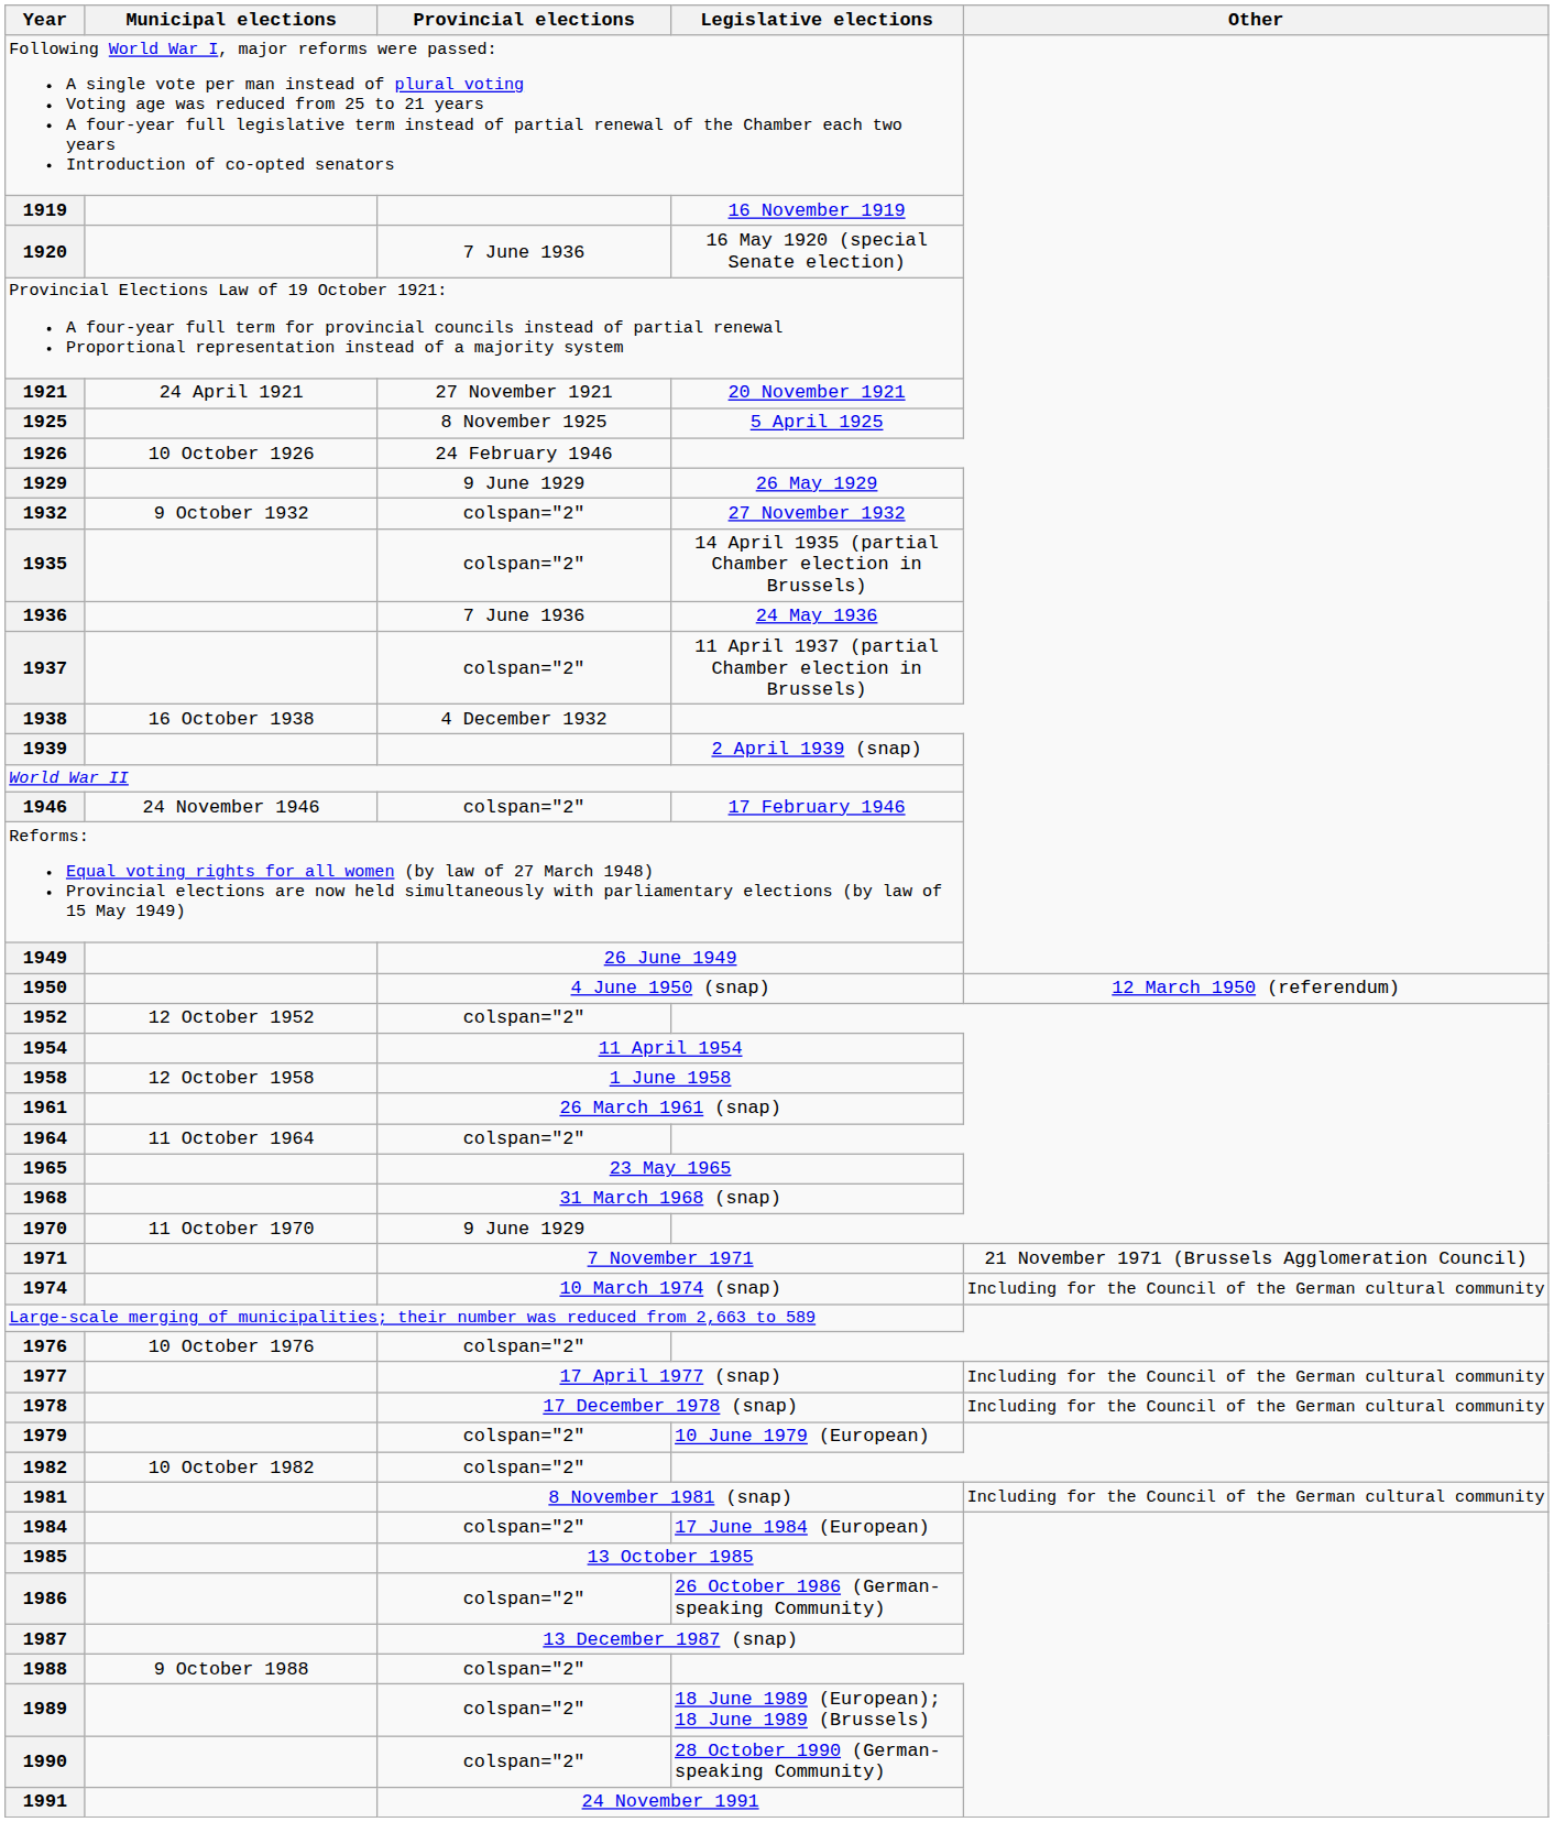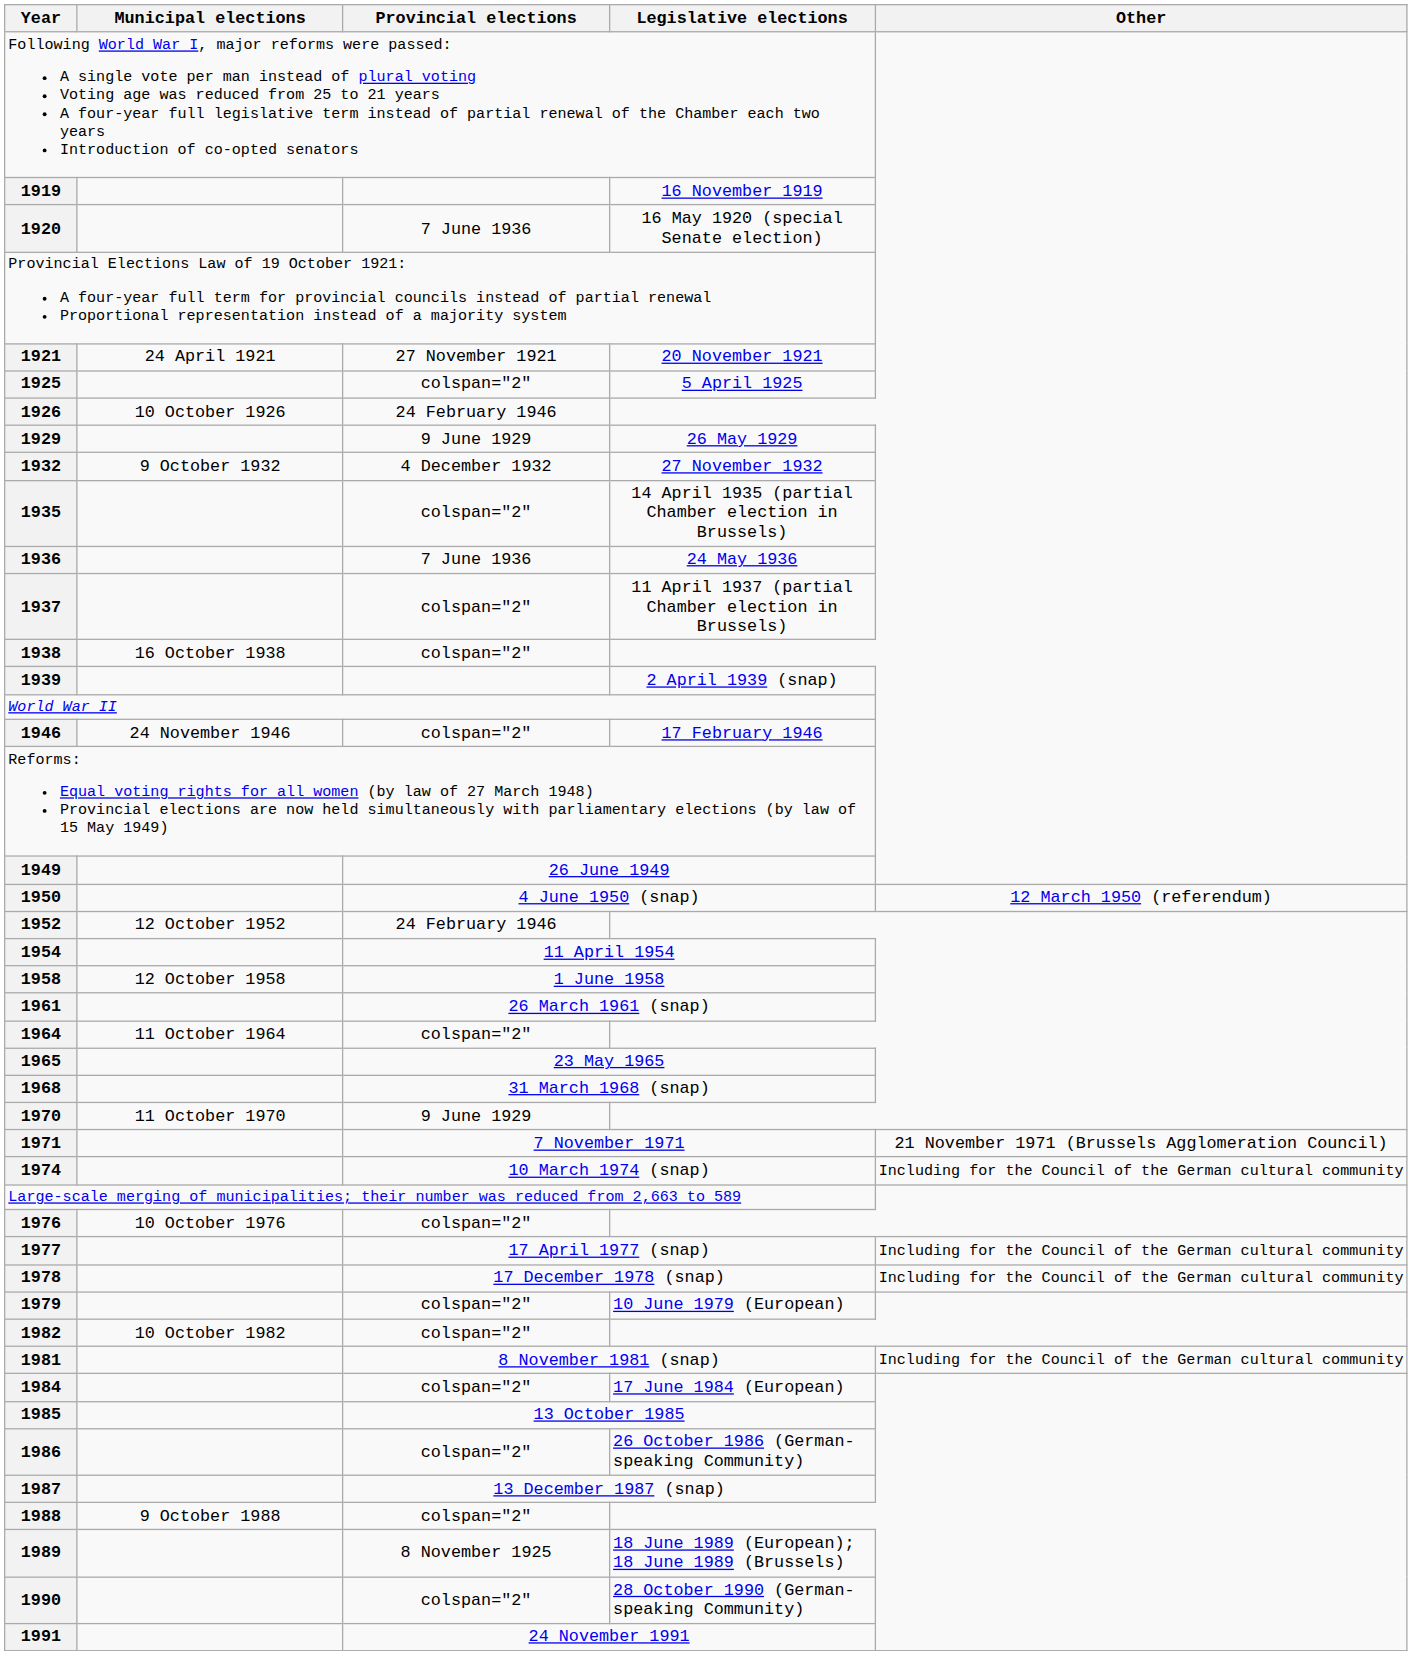 <table class="wikitable" style="text-align:center;">
 <tr>
 <th style="width:50px;">Year</th>
 <th style="width:200px;">Municipal elections</th>
 <th style="width:200px;">Provincial elections</th>
 <th style="width:200px;">Legislative elections</th>
 <th>Other</th>
 </tr>
 <tr>
 <td colspan="4" style="text-align:left;font-size:90%;">Following <a href='#'>World War I</a>, major reforms were passed:<br><ul><li>A single vote per man instead of <a href='#'>plural voting</a></li><li>Voting age was reduced from 25 to 21 years</li><li>A four-year full legislative term instead of partial renewal of the Chamber each two years</li><li>Introduction of co-opted senators</li></ul></td>
 </tr>
 <tr>
 <th>1919</th>
 <td></td>
 <td></td>
 <td><a href='#'>16 November 1919</a></td>
 </tr>
 <tr>
 <th>1920</th>
 <td></td>
 <td>7 June 1936</td>
 <td>16 May 1920 (special Senate election)</td>
 </tr>
 <tr>
 <td colspan="4" style="text-align:left;font-size:90%;">Provincial Elections Law of 19 October 1921:<br><ul><li>A four-year full term for provincial councils instead of partial renewal</li><li>Proportional representation instead of a majority system</li></ul></td>
 </tr>
 <tr>
 <th>1921</th>
 <td>24 April 1921</td>
 <td>27 November 1921</td>
 <td><a href='#'>20 November 1921</a></td>
 </tr>
 <tr>
 <th>1925</th>
 <td></td>
-<td>8 November 1925</td>
+<td>colspan="2" </td>
 <td><a href='#'>5 April 1925</a></td>
 </tr>
 <tr>
 <th>1926</th>
 <td>10 October 1926</td>
 <td>24 February 1946</td>
 </tr>
 <tr>
 <th>1929</th>
 <td></td>
 <td>9 June 1929</td>
 <td><a href='#'>26 May 1929</a></td>
 </tr>
 <tr>
 <th>1932</th>
 <td>9 October 1932</td>
-<td>colspan="2" </td>
+<td>4 December 1932</td>
 <td><a href='#'>27 November 1932</a></td>
 </tr>
 <tr>
 <th>1935</th>
 <td></td>
 <td>colspan="2" </td>
 <td>14 April 1935 (partial Chamber election in Brussels)</td>
 </tr>
 <tr>
 <th>1936</th>
 <td></td>
 <td>7 June 1936</td>
 <td><a href='#'>24 May 1936</a></td>
 </tr>
 <tr>
 <th>1937</th>
 <td></td>
 <td>colspan="2" </td>
 <td>11 April 1937 (partial Chamber election in Brussels)</td>
 </tr>
 <tr>
 <th>1938</th>
 <td>16 October 1938</td>
-<td>4 December 1932</td>
+<td>colspan="2" </td>
 </tr>
 <tr>
 <th>1939</th>
 <td></td>
 <td></td>
 <td><a href='#'>2 April 1939</a> (snap)</td>
 </tr>
 <tr>
 <td colspan="4" style="text-align:left;font-size:90%;"><em><a href='#'>World War II</a></em></td>
 </tr>
 <tr>
 <th>1946</th>
 <td>24 November 1946</td>
 <td>colspan="2" </td>
 <td><a href='#'>17 February 1946</a></td>
 </tr>
 <tr>
 <td colspan="4" style="text-align:left;font-size:90%;">Reforms:<br><ul><li><a href='#'>Equal voting rights for all women</a> (by law of 27 March 1948)</li><li>Provincial elections are now held simultaneously with parliamentary elections (by law of 15 May 1949)</li></ul></td>
 </tr>
 <tr>
 <th>1949</th>
 <td></td>
 <td colspan="2"><a href='#'>26 June 1949</a></td>
 </tr>
 <tr>
 <th>1950</th>
 <td></td>
 <td colspan="2"><a href='#'>4 June 1950</a> (snap)</td>
 <td><a href='#'>12 March 1950</a> (referendum)</td>
 </tr>
 <tr>
 <th>1952</th>
 <td>12 October 1952</td>
-<td>colspan="2" </td>
+<td>24 February 1946</td>
 </tr>
 <tr>
 <th>1954</th>
 <td></td>
 <td colspan="2"><a href='#'>11 April 1954</a></td>
 </tr>
 <tr>
 <th>1958</th>
 <td>12 October 1958</td>
 <td colspan="2"><a href='#'>1 June 1958</a></td>
 </tr>
 <tr>
 <th>1961</th>
 <td></td>
 <td colspan="2"><a href='#'>26 March 1961</a> (snap)</td>
 </tr>
 <tr>
 <th>1964</th>
 <td>11 October 1964</td>
 <td>colspan="2" </td>
 </tr>
 <tr>
 <th>1965</th>
 <td></td>
 <td colspan="2"><a href='#'>23 May 1965</a></td>
 </tr>
 <tr>
 <th>1968</th>
 <td></td>
 <td colspan="2"><a href='#'>31 March 1968</a> (snap)</td>
 </tr>
 <tr>
 <th>1970</th>
 <td>11 October 1970</td>
 <td>9 June 1929</td>
 </tr>
 <tr>
 <th>1971</th>
 <td></td>
 <td colspan="2"><a href='#'>7 November 1971</a></td>
 <td>21 November 1971 (Brussels Agglomeration Council)</td>
 </tr>
 <tr>
 <th>1974</th>
 <td></td>
 <td colspan="2"><a href='#'>10 March 1974</a> (snap)</td>
 <td style="font-size:90%;text-align:left;">Including for the Council of the German cultural community</td>
 </tr>
 <tr>
 <td colspan="4" style="text-align:left;font-size:90%;"><a href='#'>Large-scale merging of municipalities; their number was reduced from 2,663 to 589</a></td>
 </tr>
 <tr>
 <th>1976</th>
 <td>10 October 1976</td>
 <td>colspan="2" </td>
 </tr>
 <tr>
 <th>1977</th>
 <td></td>
 <td colspan="2"><a href='#'>17 April 1977</a> (snap)</td>
 <td style="font-size:90%;text-align:left;">Including for the Council of the German cultural community</td>
 </tr>
 <tr>
 <th>1978</th>
 <td></td>
 <td colspan="2"><a href='#'>17 December 1978</a> (snap)</td>
 <td style="font-size:90%;text-align:left;">Including for the Council of the German cultural community</td>
 </tr>
 <tr>
 <th>1979</th>
 <td></td>
 <td>colspan="2" </td>
 <td style="text-align:left;"><a href='#'>10 June 1979</a> (European)</td>
 </tr>
 <tr>
 <th>1982</th>
 <td>10 October 1982</td>
 <td>colspan="2" </td>
 </tr>
 <tr>
 <th>1981</th>
 <td></td>
 <td colspan="2"><a href='#'>8 November 1981</a> (snap)</td>
 <td style="font-size:90%;text-align:left;">Including for the Council of the German cultural community</td>
 </tr>
 <tr>
 <th>1984</th>
 <td></td>
 <td>colspan="2" </td>
 <td style="text-align:left;"><a href='#'>17 June 1984</a> (European)</td>
 </tr>
 <tr>
 <th>1985</th>
 <td></td>
 <td colspan="2"><a href='#'>13 October 1985</a></td>
 </tr>
 <tr>
 <th>1986</th>
 <td></td>
 <td>colspan="2" </td>
 <td style="text-align:left;"><a href='#'>26 October 1986</a> (German-speaking Community)</td>
 </tr>
 <tr>
 <th>1987</th>
 <td></td>
 <td colspan="2"><a href='#'>13 December 1987</a> (snap)</td>
 </tr>
 <tr>
 <th>1988</th>
 <td>9 October 1988</td>
 <td>colspan="2" </td>
 </tr>
 <tr>
 <th>1989</th>
 <td></td>
-<td>colspan="2" </td>
+<td>8 November 1925</td>
 <td style="text-align:left;"><a href='#'>18 June 1989</a> (European); <a href='#'>18 June 1989</a> (Brussels)</td>
 </tr>
 <tr>
 <th>1990</th>
 <td></td>
 <td>colspan="2" </td>
 <td style="text-align:left;"><a href='#'>28 October 1990</a> (German-speaking Community)</td>
 </tr>
 <tr>
 <th>1991</th>
 <td></td>
 <td colspan="2"><a href='#'>24 November 1991</a></td>
 </tr>
 </table>
